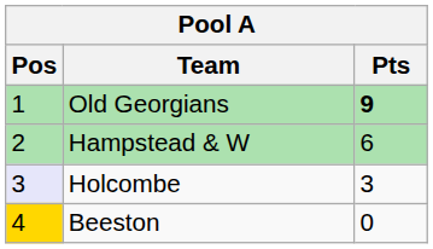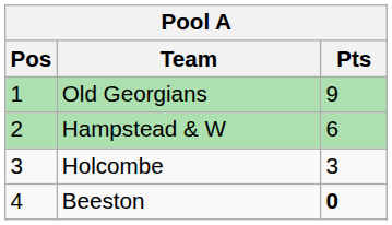 <table class="wikitable">
 <tr>
 <th colspan="6">Pool A</th>
 </tr>
 <tr>
 <th width=20>Pos</th>
 <th width=180>Team</th>
 <th width=40>Pts</th>
 </tr>
 <tr style="background:#ACE1AF;">
 <td>1</td>
 <td style="text-align:left;">Old Georgians</td>
-<td><strong>9</strong></td>
+<td>9</td>
 </tr>
 <tr style="background:#ACE1AF;">
 <td>2</td>
 <td style="text-align:left;">Hampstead & W</td>
 <td>6</td>
 </tr>
 <tr>
-<td style="background: lavender;">3</td>
+<td>3</td>
 <td style="text-align:left;">Holcombe</td>
 <td>3</td>
 </tr>
 <tr>
-<td style="background: gold;">4</td>
+<td>4</td>
 <td style="text-align:left;">Beeston</td>
-<td>0</td>
+<td><strong>0</strong></td>
 </tr>
 </table>
